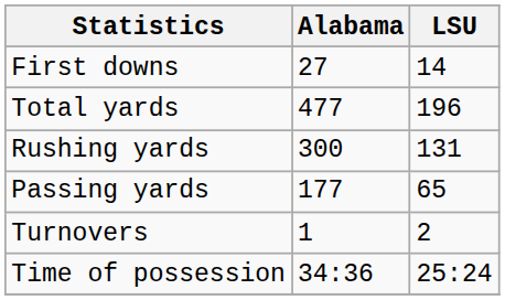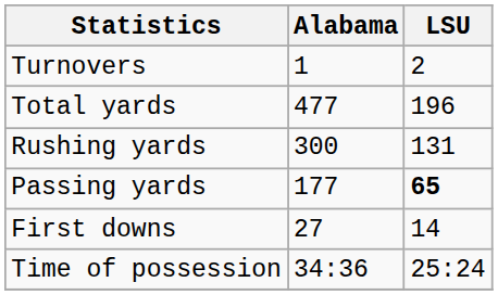 <table class="wikitable" style="float: left;">
 <tr>
 <th>Statistics</th>
 <th>Alabama</th>
 <th>LSU</th>
 </tr>
 <tr>
-<td>First downs</td>
-<td>27</td>
-<td>14</td>
+<td>Turnovers</td>
+<td>1</td>
+<td>2</td>
 </tr>
 <tr>
 <td>Total yards</td>
 <td>477</td>
 <td>196</td>
 </tr>
 <tr>
 <td>Rushing yards</td>
 <td>300</td>
 <td>131</td>
 </tr>
 <tr>
 <td>Passing yards</td>
 <td>177</td>
-<td>65</td>
+<td><strong>65</strong></td>
 </tr>
 <tr>
-<td>Turnovers</td>
-<td>1</td>
-<td>2</td>
+<td>First downs</td>
+<td>27</td>
+<td>14</td>
 </tr>
 <tr>
 <td>Time of possession</td>
 <td>34:36</td>
 <td>25:24</td>
 </tr>
 <tr>
 </tr>
 </table>
